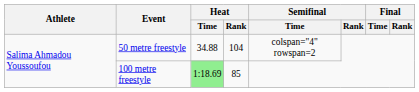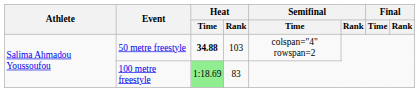 <table class="wikitable" style="text-align:center; font-size:90%; width:50%;">
 <tr>
 <th rowspan="2">Athlete</th>
 <th rowspan="2">Event</th>
 <th colspan="2">Heat</th>
 <th colspan="2">Semifinal</th>
 <th colspan="2">Final</th>
 </tr>
 <tr style="font-size:95%">
 <th>Time</th>
 <th>Rank</th>
 <th>Time</th>
 <th>Rank</th>
 <th>Time</th>
 <th>Rank</th>
 </tr>
 <tr>
 <td align=left rowspan=2><a href='#'>Salima Ahmadou Youssoufou</a></td>
 <td align=left><a href='#'>50 metre freestyle</a></td>
-<td>34.88</td>
-<td>104</td>
+<td><strong>34.88</strong></td>
+<td>103</td>
 <td>colspan="4" rowspan=2</td>
 </tr>
 <tr>
 <td align=left><a href='#'>100 metre freestyle</a></td>
 <td style="background: lightgreen;">1:18.69</td>
-<td>85</td>
+<td>83</td>
 </tr>
 </table>
